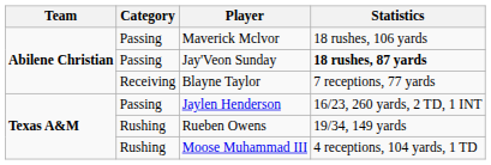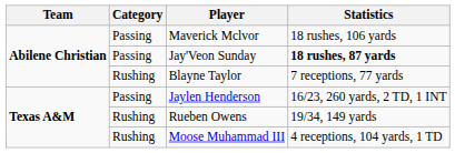 <table class="wikitable" style="float: right;">
 <tr>
 <th>Team</th>
 <th>Category</th>
 <th>Player</th>
 <th>Statistics</th>
 </tr>
 <tr>
 <td rowspan=3><strong>Abilene Christian</strong></td>
 <td>Passing</td>
 <td>Maverick Mclvor</td>
 <td>18 rushes, 106 yards</td>
 </tr>
 <tr>
 <td>Passing</td>
 <td>Jay'Veon Sunday</td>
 <td><strong>18 rushes, 87 yards</strong></td>
 </tr>
 <tr>
-<td>Receiving</td>
+<td>Rushing</td>
 <td>Blayne Taylor</td>
 <td>7 receptions, 77 yards</td>
 </tr>
 <tr>
 <td rowspan=3><strong>Texas A&M</strong></td>
 <td>Passing</td>
 <td><a href='#'>Jaylen Henderson</a></td>
 <td>16/23, 260 yards, 2 TD, 1 INT</td>
 </tr>
 <tr>
 <td>Rushing</td>
 <td>Rueben Owens</td>
 <td>19/34, 149 yards</td>
 </tr>
 <tr>
 <td>Rushing</td>
 <td><a href='#'>Moose Muhammad III</a></td>
 <td>4 receptions, 104 yards, 1 TD</td>
 </tr>
 </table>
